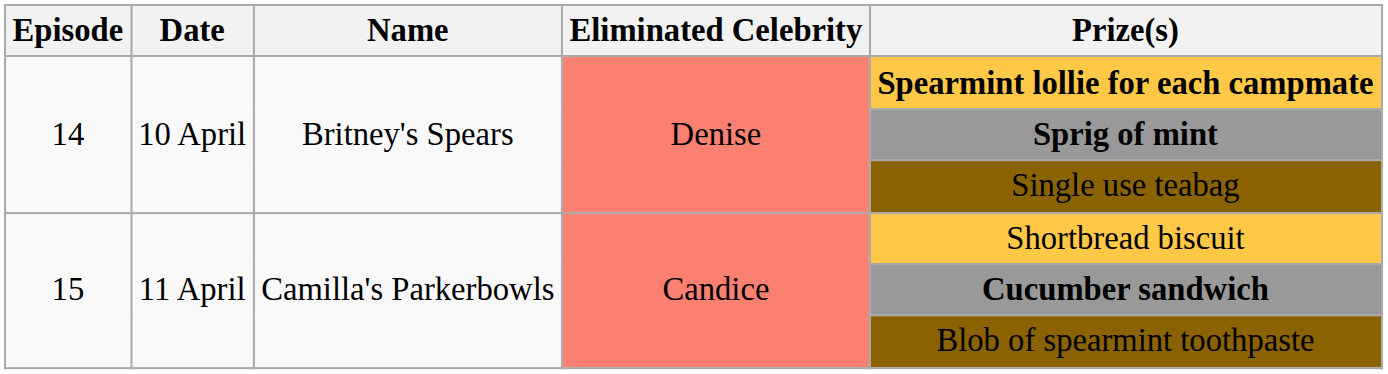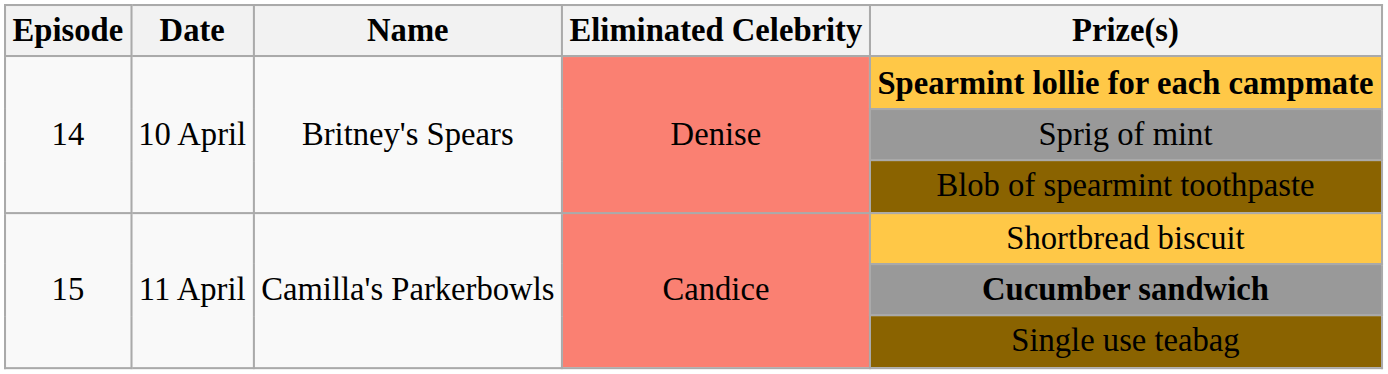 <table class=wikitable style="text-align:center">
 <tr>
 <th>Episode</th>
 <th>Date</th>
 <th>Name</th>
 <th>Eliminated Celebrity</th>
 <th>Prize(s)</th>
 </tr>
 <tr>
 <td rowspan="3">14</td>
 <td rowspan="3">10 April</td>
 <td rowspan="3">Britney's Spears</td>
 <td rowspan="3" bgcolor="Salmon">Denise</td>
 <td bgcolor=#FFC847><strong>Spearmint lollie for each campmate</strong></td>
 </tr>
 <tr>
-<td bgcolor=#999999><strong>Sprig of mint</strong></td>
+<td bgcolor=#999999>Sprig of mint</td>
 </tr>
 <tr>
-<td bgcolor=#8A6300>Single use teabag</td>
+<td bgcolor=#8A6300>Blob of spearmint toothpaste</td>
 </tr>
 <tr>
 <td rowspan="3">15</td>
 <td rowspan="3">11 April</td>
 <td rowspan="3">Camilla's Parkerbowls</td>
 <td rowspan="3" bgcolor="Salmon">Candice</td>
 <td bgcolor=#FFC847>Shortbread biscuit</td>
 </tr>
 <tr>
 <td bgcolor=#999999><strong>Cucumber sandwich</strong></td>
 </tr>
 <tr>
-<td bgcolor=#8A6300>Blob of spearmint toothpaste</td>
+<td bgcolor=#8A6300>Single use teabag</td>
 </tr>
 </table>
